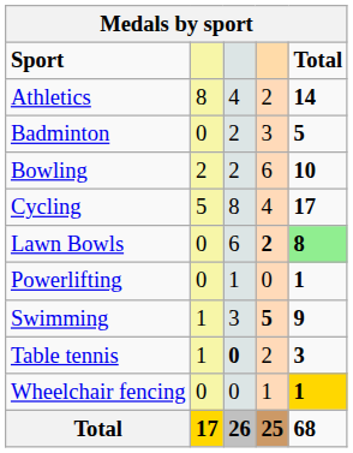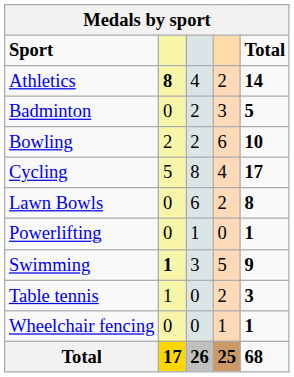 <table class=wikitable style="font-size:95%; ">
 <tr bgcolor=EFEFEF>
 <th colspan=7>Medals by sport</th>
 </tr>
 <tr>
 <td><strong>Sport</strong></td>
 <td bgcolor=F7F6A8></td>
 <td bgcolor=DCE5E5></td>
 <td bgcolor=FFDBA9></td>
 <td><strong>Total</strong></td>
 </tr>
 <tr>
 <td><a href='#'>Athletics</a></td>
-<td bgcolor=F7F6A8>8</td>
+<td bgcolor=F7F6A8><strong>8</strong></td>
 <td bgcolor=DCE5E5>4</td>
 <td bgcolor=FFDAB9>2</td>
 <td><strong>14</strong></td>
 </tr>
 <tr>
 <td><a href='#'>Badminton</a></td>
 <td bgcolor=F7F6A8>0</td>
 <td bgcolor=DCE5E5>2</td>
 <td bgcolor=FFDAB9>3</td>
 <td><strong>5</strong></td>
 </tr>
 <tr>
 <td><a href='#'>Bowling</a></td>
 <td bgcolor=F7F6A8>2</td>
 <td bgcolor=DCE5E5>2</td>
 <td bgcolor=FFDAB9>6</td>
 <td><strong>10</strong></td>
 </tr>
 <tr>
 <td><a href='#'>Cycling</a></td>
 <td bgcolor=F7F6A8>5</td>
 <td bgcolor=DCE5E5>8</td>
 <td bgcolor=FFDAB9>4</td>
 <td><strong>17</strong></td>
 </tr>
 <tr>
 <td><a href='#'>Lawn Bowls</a></td>
 <td bgcolor=F7F6A8>0</td>
 <td bgcolor=DCE5E5>6</td>
-<td bgcolor=FFDAB9><strong>2</strong></td>
-<td style="background: lightgreen;"><strong>8</strong></td>
+<td bgcolor=FFDAB9>2</td>
+<td><strong>8</strong></td>
 </tr>
 <tr>
 <td><a href='#'>Powerlifting</a></td>
 <td bgcolor=F7F6A8>0</td>
 <td bgcolor=DCE5E5>1</td>
 <td bgcolor=FFDAB9>0</td>
 <td><strong>1</strong></td>
 </tr>
 <tr>
 <td><a href='#'>Swimming</a></td>
-<td bgcolor=F7F6A8>1</td>
+<td bgcolor=F7F6A8><strong>1</strong></td>
 <td bgcolor=DCE5E5>3</td>
-<td bgcolor=FFDAB9><strong>5</strong></td>
+<td bgcolor=FFDAB9>5</td>
 <td><strong>9</strong></td>
 </tr>
 <tr>
 <td><a href='#'>Table tennis</a></td>
 <td bgcolor=F7F6A8>1</td>
-<td bgcolor=DCE5E5><strong>0</strong></td>
+<td bgcolor=DCE5E5>0</td>
 <td bgcolor=FFDAB9>2</td>
 <td><strong>3</strong></td>
 </tr>
 <tr>
 <td><a href='#'>Wheelchair fencing</a></td>
 <td bgcolor=F7F6A8>0</td>
 <td bgcolor=DCE5E5>0</td>
 <td bgcolor=FFDAB9>1</td>
-<td style="background: gold;"><strong>1</strong></td>
+<td><strong>1</strong></td>
 </tr>
 <tr>
 <th>Total</th>
 <td style="background:gold;"><strong>17</strong></td>
 <td style="background:silver;"><strong>26</strong></td>
 <td style="background:#c96;"><strong>25</strong></td>
 <td><strong>68</strong></td>
 </tr>
 </table>
